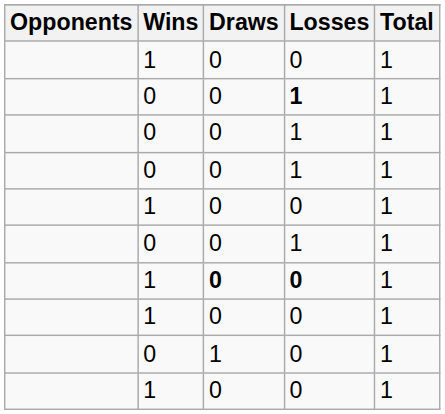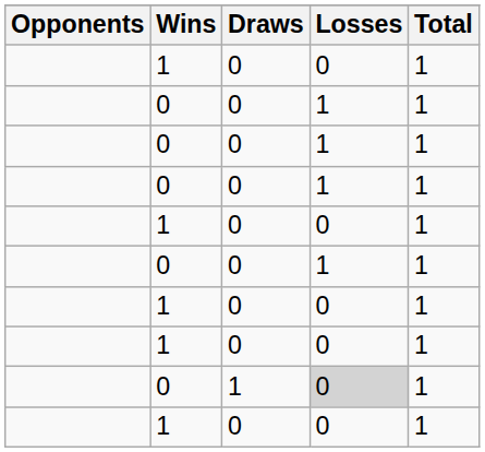 <table class="wikitable sortable">
 <tr>
 </tr>
 <tr>
 <th>Opponents</th>
 <th>Wins</th>
 <th>Draws</th>
 <th>Losses</th>
 <th>Total</th>
 </tr>
 <tr>
 <td align="left"></td>
 <td>1</td>
 <td>0</td>
 <td>0</td>
 <td>1</td>
 </tr>
 <tr>
 <td align="left"></td>
 <td>0</td>
 <td>0</td>
-<td><strong>1</strong></td>
+<td>1</td>
 <td>1</td>
 </tr>
 <tr>
 <td align="left"></td>
 <td>0</td>
 <td>0</td>
 <td>1</td>
 <td>1</td>
 </tr>
 <tr>
 <td align="left"></td>
 <td>0</td>
 <td>0</td>
 <td>1</td>
 <td>1</td>
 </tr>
 <tr>
 <td align="left"></td>
 <td>1</td>
 <td>0</td>
 <td>0</td>
 <td>1</td>
 </tr>
 <tr>
 <td align="left"></td>
 <td>0</td>
 <td>0</td>
 <td>1</td>
 <td>1</td>
 </tr>
 <tr>
 <td align="left"></td>
 <td>1</td>
-<td><strong>0</strong></td>
-<td><strong>0</strong></td>
+<td>0</td>
+<td>0</td>
 <td>1</td>
 </tr>
 <tr>
 <td align="left"></td>
 <td>1</td>
 <td>0</td>
 <td>0</td>
 <td>1</td>
 </tr>
 <tr>
 <td align="left"></td>
 <td>0</td>
 <td>1</td>
-<td>0</td>
+<td style="background: lightgrey;">0</td>
 <td>1</td>
 </tr>
 <tr>
 <td align="left"></td>
 <td>1</td>
 <td>0</td>
 <td>0</td>
 <td>1</td>
 </tr>
 </table>
